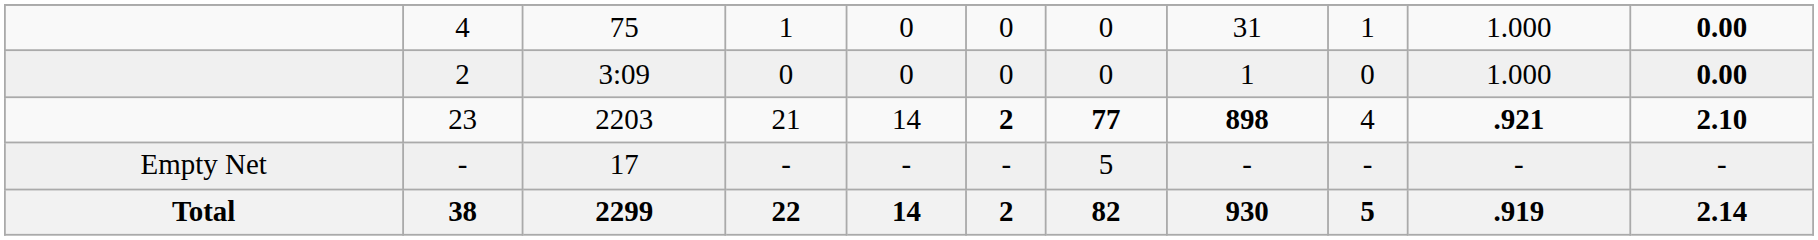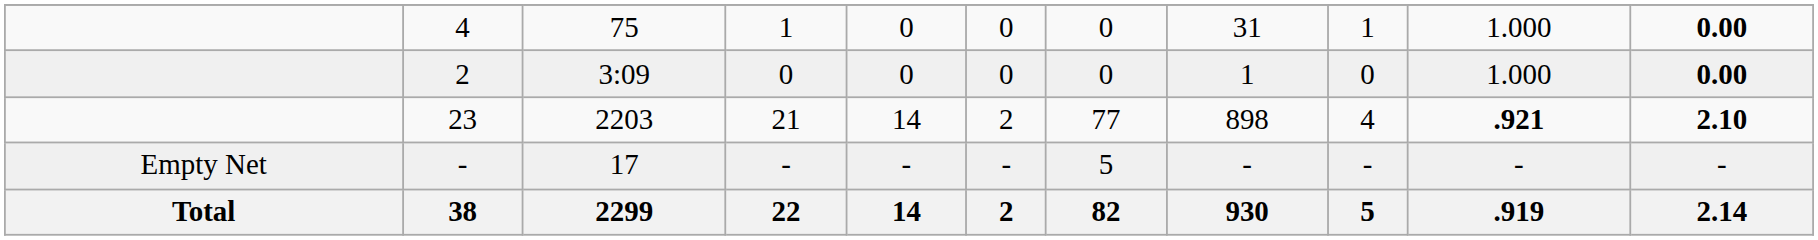 <table class="wikitable sortable" width ="1000">
 <tr align="center">
 </tr>
 <tr align="center" bgcolor="">
 <td></td>
 <td>4</td>
 <td>75</td>
 <td>1</td>
 <td>0</td>
 <td>0</td>
 <td>0</td>
 <td>31</td>
 <td>1</td>
 <td>1.000</td>
 <td><strong>0.00</strong></td>
 </tr>
 <tr align="center" bgcolor="f0f0f0">
 <td></td>
 <td>2</td>
 <td>3:09</td>
 <td>0</td>
 <td>0</td>
 <td>0</td>
 <td>0</td>
 <td>1</td>
 <td>0</td>
 <td>1.000</td>
 <td><strong>0.00</strong></td>
 </tr>
 <tr align="center" bgcolor="">
 <td></td>
 <td>23</td>
 <td>2203</td>
 <td>21</td>
 <td>14</td>
-<td><strong>2</strong></td>
-<td><strong>77</strong></td>
-<td><strong>898</strong></td>
+<td>2</td>
+<td>77</td>
+<td>898</td>
 <td>4</td>
 <td><strong>.921</strong></td>
 <td><strong>2.10</strong></td>
 </tr>
 <tr align="center" bgcolor="f0f0f0">
 <td>Empty Net</td>
 <td>-</td>
 <td>17</td>
 <td>-</td>
 <td>-</td>
 <td>-</td>
 <td>5</td>
 <td>-</td>
 <td>-</td>
 <td>-</td>
 <td>-</td>
 </tr>
 <tr>
 <th>Total</th>
 <th>38</th>
 <th>2299</th>
 <th>22</th>
 <th>14</th>
 <th>2</th>
 <th>82</th>
 <th>930</th>
 <th>5</th>
 <th>.919</th>
 <th>2.14</th>
 </tr>
 </table>
